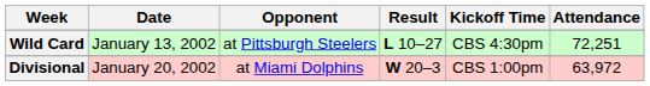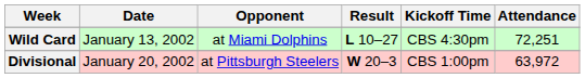 <table class="wikitable" style="text-align: center;">
 <tr>
 <th>Week</th>
 <th>Date</th>
 <th>Opponent</th>
 <th>Result</th>
 <th>Kickoff Time</th>
 <th>Attendance</th>
 </tr>
 <tr>
 </tr>
 <tr bgcolor="#cfc">
 <th>Wild Card</th>
 <td>January 13, 2002</td>
-<td>at <a href='#'>Pittsburgh Steelers</a></td>
+<td>at <a href='#'>Miami Dolphins</a></td>
 <td><strong>L</strong> 10–27</td>
 <td>CBS 4:30pm</td>
 <td>72,251</td>
 </tr>
 <tr>
 </tr>
 <tr bgcolor="#fcc">
 <th>Divisional</th>
 <td>January 20, 2002</td>
-<td>at <a href='#'>Miami Dolphins</a></td>
+<td>at <a href='#'>Pittsburgh Steelers</a></td>
 <td><strong>W</strong> 20–3</td>
 <td>CBS 1:00pm</td>
 <td>63,972</td>
 </tr>
 </table>
